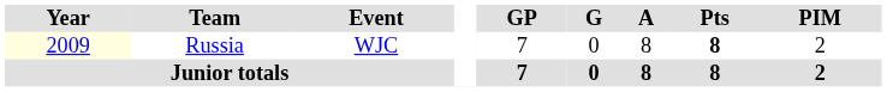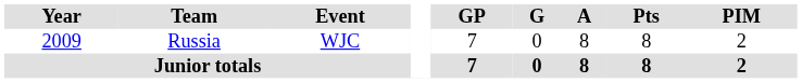 <table border="0" cellpadding="1" cellspacing="0" style="text-align:center; width:40em">
 <tr ALIGN="center" bgcolor="#e0e0e0">
 <th>Year</th>
 <th>Team</th>
 <th>Event</th>
 <th rowspan="99" bgcolor="#ffffff"> </th>
 <th>GP</th>
 <th>G</th>
 <th>A</th>
 <th>Pts</th>
 <th>PIM</th>
 </tr>
 <tr>
-<td style="background: lightyellow;"><a href='#'>2009</a></td>
+<td><a href='#'>2009</a></td>
 <td><a href='#'>Russia</a></td>
 <td><a href='#'>WJC</a></td>
 <td>7</td>
 <td>0</td>
 <td>8</td>
-<td><strong>8</strong></td>
+<td>8</td>
 <td>2</td>
 </tr>
 <tr bgcolor="#e0e0e0">
 <th colspan="3">Junior totals</th>
 <th>7</th>
 <th>0</th>
 <th>8</th>
 <th>8</th>
 <th>2</th>
 </tr>
 </table>
